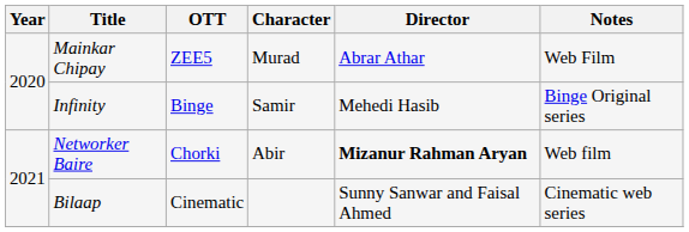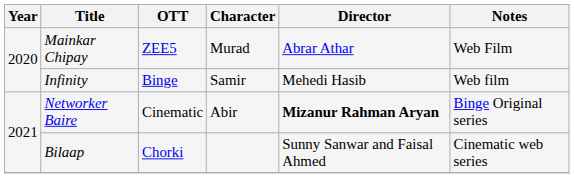 <table class="wikitable sortable" style="background:#F5F5F5;">
 <tr>
 <th>Year</th>
 <th>Title</th>
 <th>OTT</th>
 <th>Character</th>
 <th>Director</th>
 <th>Notes</th>
 </tr>
 <tr>
 <td rowspan="2">2020</td>
 <td><em>Mainkar Chipay</em></td>
 <td><a href='#'>ZEE5</a></td>
 <td>Murad</td>
 <td><a href='#'>Abrar Athar</a></td>
 <td>Web Film</td>
 </tr>
 <tr>
 <td><em>Infinity</em></td>
 <td><a href='#'>Binge</a></td>
 <td>Samir</td>
 <td>Mehedi Hasib</td>
-<td><a href='#'>Binge</a> Original series</td>
+<td>Web film</td>
 </tr>
 <tr>
 <td rowspan="2">2021</td>
 <td><em><a href='#'>Networker Baire</a></em></td>
-<td><a href='#'>Chorki</a></td>
+<td>Cinematic</td>
 <td>Abir</td>
 <td><strong>Mizanur Rahman Aryan</strong></td>
-<td>Web film</td>
+<td><a href='#'>Binge</a> Original series</td>
 </tr>
 <tr>
 <td><em>Bilaap</em></td>
-<td>Cinematic</td>
+<td><a href='#'>Chorki</a></td>
 <td></td>
 <td>Sunny Sanwar and Faisal Ahmed</td>
 <td>Cinematic web series</td>
 </tr>
 <tr>
 </tr>
 </table>
